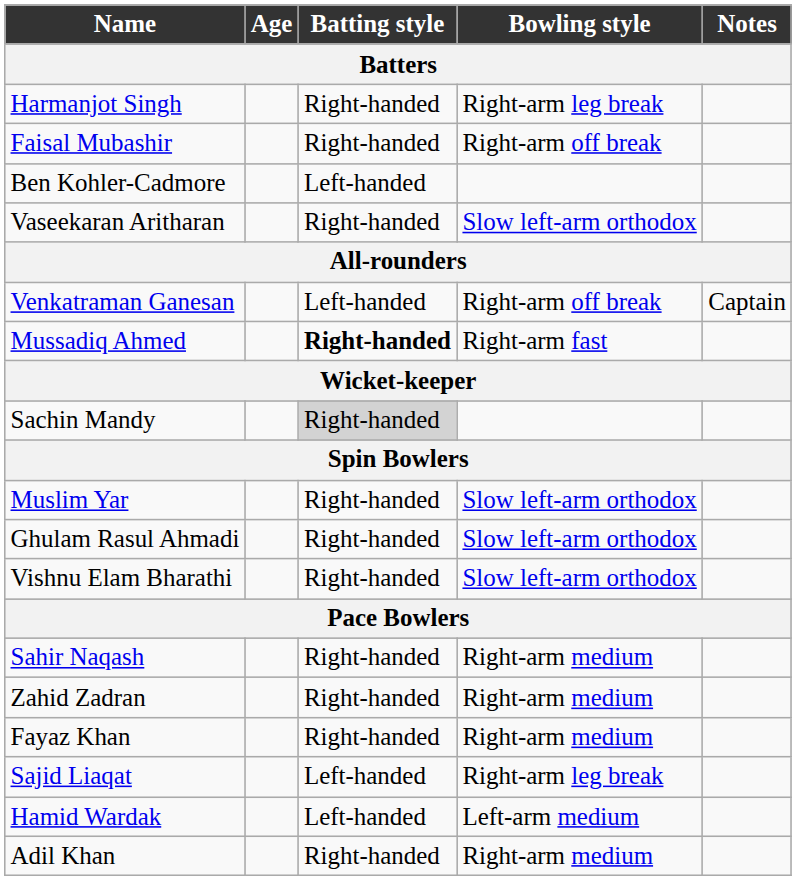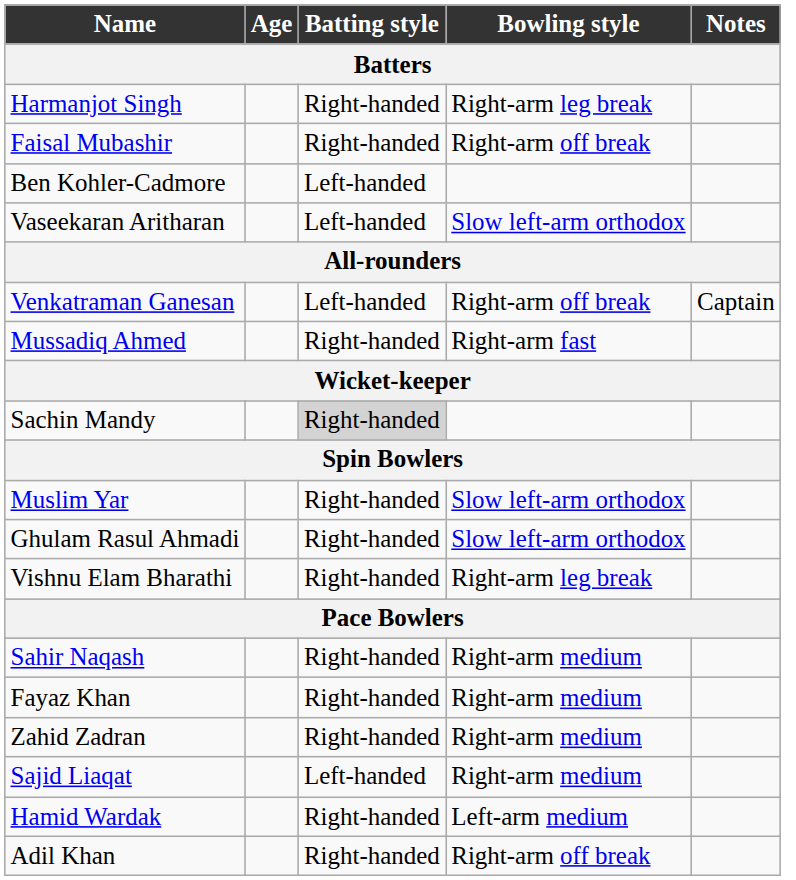 <table class="wikitable">
 <tr>
 <th style="text-align:center; background:#333333; color:white;">Name</th>
 <th style="text-align:center; background:#333333; color:white;">Age</th>
 <th style="text-align:center; background:#333333; color:white;">Batting style</th>
 <th style="text-align:center; background:#333333; color:white;">Bowling style</th>
 <th style="text-align:center; background:#333333; color:white;">Notes</th>
 </tr>
 <tr>
 <th colspan="5">Batters</th>
 </tr>
 <tr>
 <td><a href='#'>Harmanjot Singh</a></td>
 <td></td>
 <td>Right-handed</td>
 <td>Right-arm <a href='#'>leg break</a></td>
 <td></td>
 </tr>
 <tr>
 <td><a href='#'>Faisal Mubashir</a></td>
 <td></td>
 <td>Right-handed</td>
 <td>Right-arm <a href='#'>off break</a></td>
 <td></td>
 </tr>
 <tr>
 <td>Ben Kohler-Cadmore</td>
 <td></td>
 <td>Left-handed</td>
 <td></td>
 <td></td>
 </tr>
 <tr>
 <td>Vaseekaran Aritharan</td>
 <td></td>
-<td>Right-handed</td>
+<td>Left-handed</td>
 <td><a href='#'>Slow left-arm orthodox</a></td>
 <td></td>
 </tr>
 <tr>
 <th colspan="5">All-rounders</th>
 </tr>
 <tr>
 <td><a href='#'>Venkatraman Ganesan</a></td>
 <td></td>
 <td>Left-handed</td>
 <td>Right-arm <a href='#'>off break</a></td>
 <td>Captain</td>
 </tr>
 <tr>
 <td><a href='#'>Mussadiq Ahmed</a></td>
 <td></td>
-<td><strong>Right-handed</strong></td>
+<td>Right-handed</td>
 <td>Right-arm <a href='#'>fast</a></td>
 <td></td>
 </tr>
 <tr>
 <th colspan="5">Wicket-keeper</th>
 </tr>
 <tr>
 <td>Sachin Mandy</td>
 <td></td>
 <td style="background: lightgrey;">Right-handed</td>
 <td></td>
 <td></td>
 </tr>
 <tr>
 <th colspan="5">Spin Bowlers</th>
 </tr>
 <tr>
 <td><a href='#'>Muslim Yar</a></td>
 <td></td>
 <td>Right-handed</td>
 <td><a href='#'>Slow left-arm orthodox</a></td>
 <td></td>
 </tr>
 <tr>
 <td>Ghulam Rasul Ahmadi</td>
 <td></td>
 <td>Right-handed</td>
 <td><a href='#'>Slow left-arm orthodox</a></td>
 <td></td>
 </tr>
 <tr>
 <td>Vishnu Elam Bharathi</td>
 <td></td>
 <td>Right-handed</td>
-<td><a href='#'>Slow left-arm orthodox</a></td>
+<td>Right-arm <a href='#'>leg break</a></td>
 <td></td>
 </tr>
 <tr>
 <th colspan="5">Pace Bowlers</th>
 </tr>
 <tr>
 <td><a href='#'>Sahir Naqash</a></td>
 <td></td>
 <td>Right-handed</td>
 <td>Right-arm <a href='#'>medium</a></td>
 <td></td>
 </tr>
 <tr>
-<td>Zahid Zadran</td>
+<td>Fayaz Khan</td>
 <td></td>
 <td>Right-handed</td>
 <td>Right-arm <a href='#'>medium</a></td>
 <td></td>
 </tr>
 <tr>
-<td>Fayaz Khan</td>
+<td>Zahid Zadran</td>
 <td></td>
 <td>Right-handed</td>
 <td>Right-arm <a href='#'>medium</a></td>
 <td></td>
 </tr>
 <tr>
 <td><a href='#'>Sajid Liaqat</a></td>
 <td></td>
 <td>Left-handed</td>
-<td>Right-arm <a href='#'>leg break</a></td>
+<td>Right-arm <a href='#'>medium</a></td>
 <td></td>
 </tr>
 <tr>
 <td><a href='#'>Hamid Wardak</a></td>
 <td></td>
-<td>Left-handed</td>
+<td>Right-handed</td>
 <td>Left-arm <a href='#'>medium</a></td>
 <td></td>
 </tr>
 <tr>
 <td>Adil Khan</td>
 <td></td>
 <td>Right-handed</td>
-<td>Right-arm <a href='#'>medium</a></td>
+<td>Right-arm <a href='#'>off break</a></td>
 <td></td>
 </tr>
 </table>
